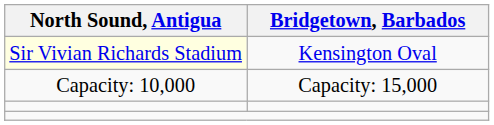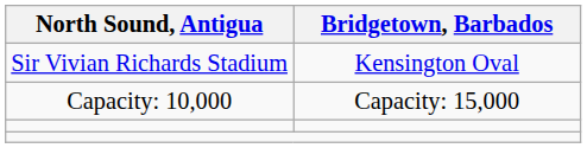 <table class="wikitable" style="text-align:center;margin:1em auto;">
 <tr>
 <th width="50%">North Sound, <a href='#'>Antigua</a></th>
 <th width="50%"><a href='#'>Bridgetown</a>, <a href='#'>Barbados</a></th>
 </tr>
 <tr>
-<td style="background: lightyellow;"><a href='#'>Sir Vivian Richards Stadium</a></td>
+<td><a href='#'>Sir Vivian Richards Stadium</a></td>
 <td><a href='#'>Kensington Oval</a></td>
 </tr>
 <tr>
 <td>Capacity: 10,000</td>
 <td>Capacity: 15,000</td>
 </tr>
 <tr>
 <td></td>
 <td></td>
 </tr>
 <tr>
 <td colspan=2></td>
 </tr>
 </table>
